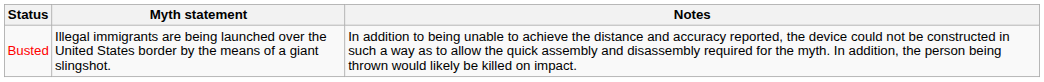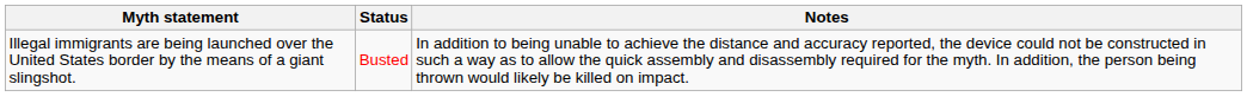 <table class="wikitable plainrowheaders">
 <tr>
+<th>Myth statement</th>
 <th>Status</th>
-<th>Myth statement</th>
 <th>Notes</th>
 </tr>
 <tr>
+<td>Illegal immigrants are being launched over the United States border by the means of a giant slingshot.</td>
 <td style="color:red">Busted</td>
-<td>Illegal immigrants are being launched over the United States border by the means of a giant slingshot.</td>
 <td>In addition to being unable to achieve the distance and accuracy reported, the device could not be constructed in such a way as to allow the quick assembly and disassembly required for the myth. In addition, the person being thrown would likely be killed on impact.</td>
 </tr>
 </table>
